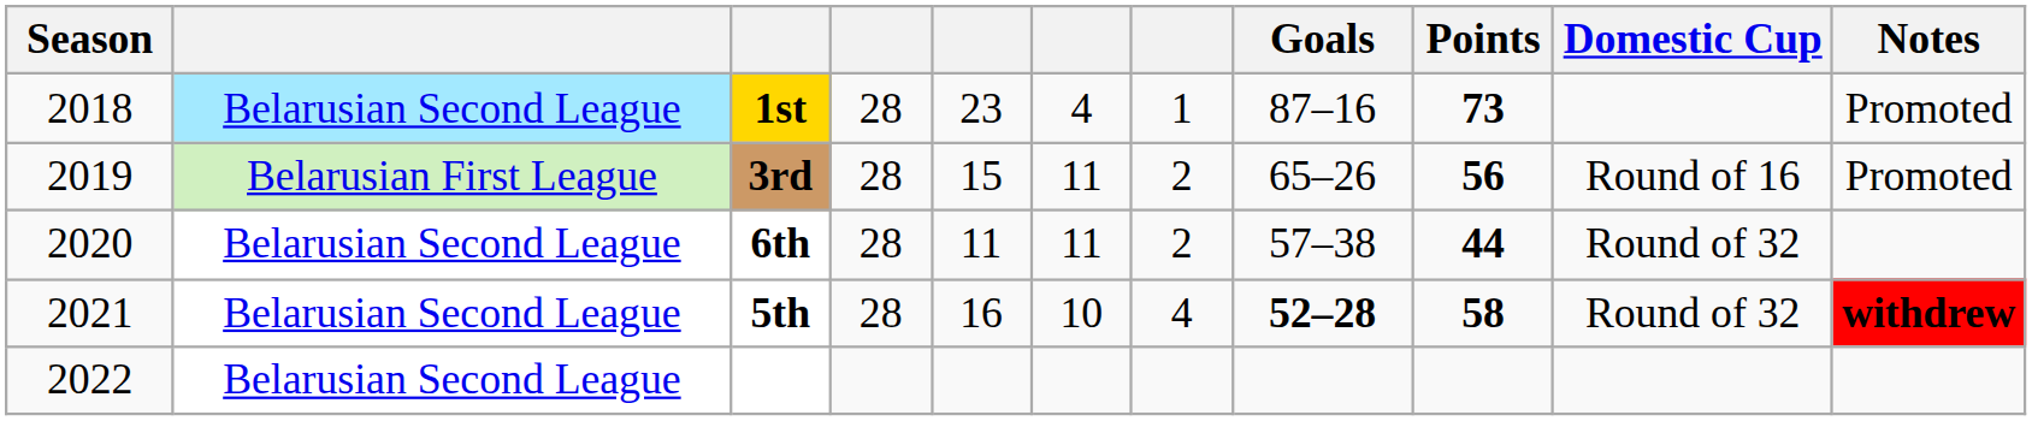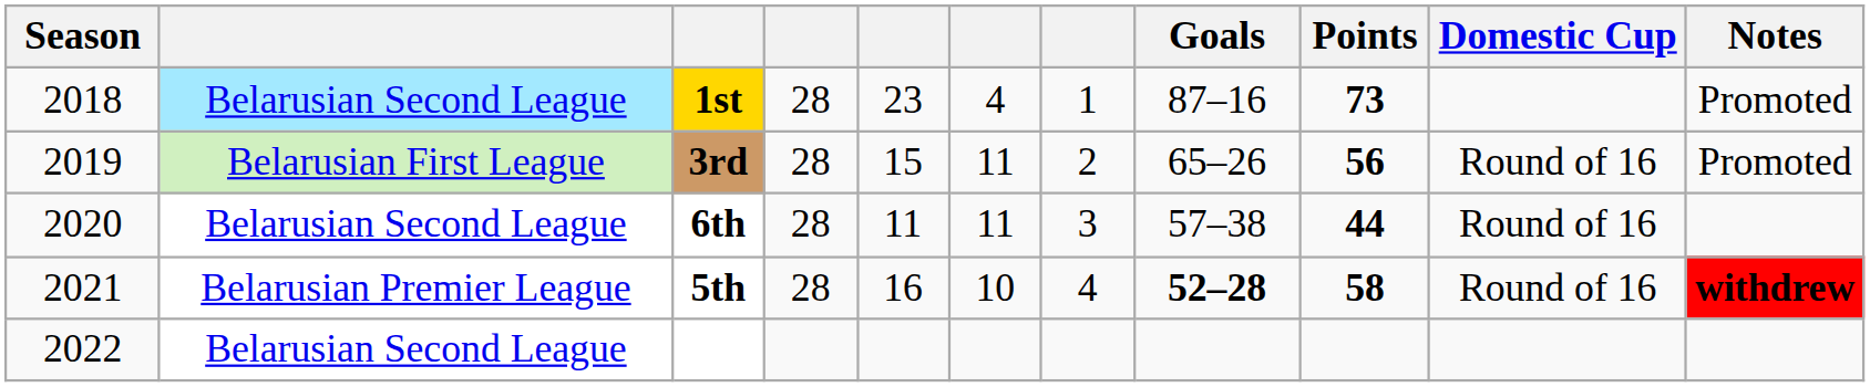 <table class="wikitable" style="text-align: center;">
 <tr>
 <th width=55>Season</th>
 <th width=200></th>
 <th width=30></th>
 <th width=30></th>
 <th width=30></th>
 <th width=30></th>
 <th width=30></th>
 <th width=60>Goals</th>
 <th width=45>Points</th>
 <th><a href='#'>Domestic Cup</a></th>
 <th>Notes</th>
 </tr>
 <tr>
 <td>2018</td>
 <td style="background:#A3E9FF"><a href='#'>Belarusian Second League</a></td>
 <td style="background:gold"><strong>1st</strong></td>
 <td>28</td>
 <td>23</td>
 <td>4</td>
 <td>1</td>
 <td>87–16</td>
 <td><strong>73</strong></td>
 <td></td>
 <td>Promoted</td>
 </tr>
 <tr>
 <td>2019</td>
 <td style="background:#D0F0C0"><a href='#'>Belarusian First League</a></td>
 <td style="background:#cc9966"><strong>3rd</strong></td>
 <td>28</td>
 <td>15</td>
 <td>11</td>
 <td>2</td>
 <td>65–26</td>
 <td><strong>56</strong></td>
 <td>Round of 16</td>
 <td>Promoted</td>
 </tr>
 <tr>
 <td>2020</td>
 <td style="background:White"><a href='#'>Belarusian Second League</a></td>
 <td style="background:White"><strong>6th</strong></td>
 <td>28</td>
 <td>11</td>
 <td>11</td>
-<td>2</td>
+<td>3</td>
 <td>57–38</td>
 <td><strong>44</strong></td>
-<td>Round of 32</td>
+<td>Round of 16</td>
 <td></td>
 </tr>
 <tr>
 <td>2021</td>
-<td style="background:White"><a href='#'>Belarusian Second League</a></td>
+<td style="background:White"><a href='#'>Belarusian Premier League</a></td>
 <td style="background:White"><strong>5th</strong></td>
 <td>28</td>
 <td>16</td>
 <td>10</td>
 <td>4</td>
 <td><strong>52–28</strong></td>
 <td><strong>58</strong></td>
-<td>Round of 32</td>
+<td>Round of 16</td>
 <td align=center bgcolor=red><strong>withdrew</strong></td>
 </tr>
 <tr>
 <td>2022</td>
 <td style="background:White"><a href='#'>Belarusian Second League</a></td>
 <td style="background:White"></td>
 <td></td>
 <td></td>
 <td></td>
 <td></td>
 <td></td>
 <td></td>
 <td></td>
 <td></td>
 </tr>
 </table>
